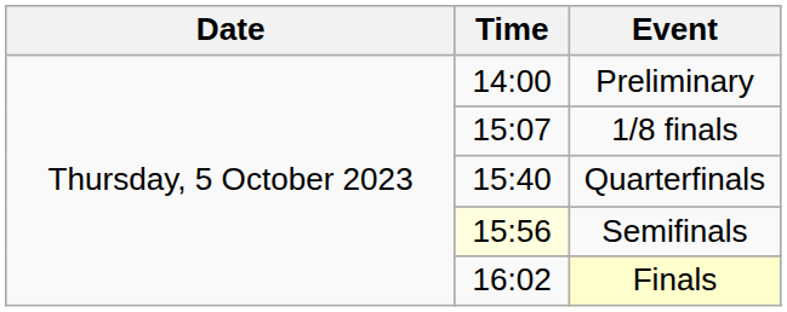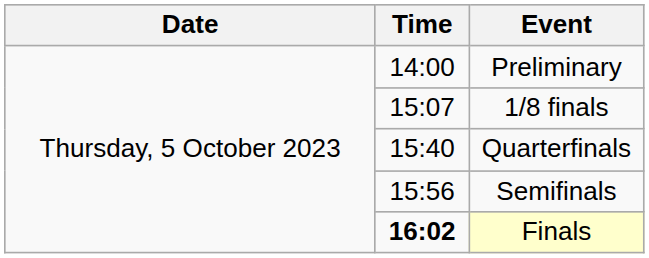 <table class = "wikitable" style="text-align:center;">
 <tr>
 <th width=220>Date</th>
 <th width=50>Time</th>
 <th width=100>Event</th>
 </tr>
 <tr>
 <td rowspan=5>Thursday, 5 October 2023</td>
 <td>14:00</td>
 <td>Preliminary</td>
 </tr>
 <tr>
 <td>15:07</td>
 <td>1/8 finals</td>
 </tr>
 <tr>
 <td>15:40</td>
 <td>Quarterfinals</td>
 </tr>
 <tr>
-<td style="background: lightyellow;">15:56</td>
+<td>15:56</td>
 <td>Semifinals</td>
 </tr>
 <tr>
-<td>16:02</td>
+<td><strong>16:02</strong></td>
 <td bgcolor=ffffcc>Finals</td>
 </tr>
 </table>
